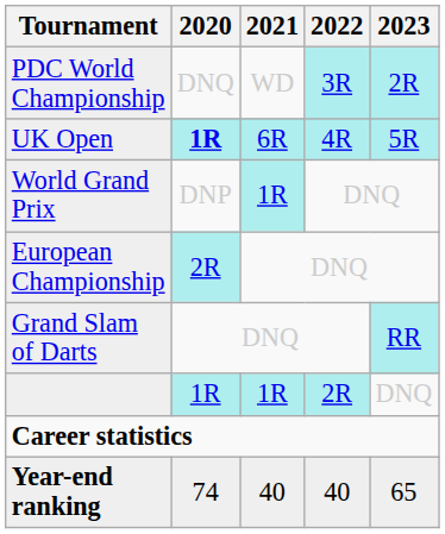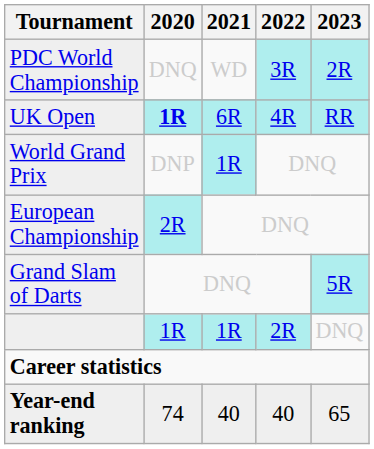 <table class="wikitable" style="width:20%; margin:0">
 <tr>
 <th>Tournament</th>
 <th>2020</th>
 <th>2021</th>
 <th>2022</th>
 <th>2023</th>
 </tr>
 <tr>
 <td style="background:#efefef;"><a href='#'>PDC World Championship</a></td>
 <td style="text-align:center; color:#ccc;">DNQ</td>
 <td style="text-align:center; color:#ccc;">WD</td>
 <td style="text-align:center; background:#afeeee;"><a href='#'>3R</a></td>
 <td style="text-align:center; background:#afeeee;"><a href='#'>2R</a></td>
 </tr>
 <tr>
 <td style="background:#efefef;"><a href='#'>UK Open</a></td>
 <td style="text-align:center; background:#afeeee;"><strong><a href='#'>1R</a></strong></td>
 <td style="text-align:center; background:#afeeee;"><a href='#'>6R</a></td>
 <td style="text-align:center; background:#afeeee;"><a href='#'>4R</a></td>
-<td style="text-align:center; background:#afeeee;"><a href='#'>5R</a></td>
+<td style="text-align:center; background:#afeeee;"><a href='#'>RR</a></td>
 </tr>
 <tr>
 <td style="background:#efefef;"><a href='#'>World Grand Prix</a></td>
 <td style="text-align:center; color:#ccc;">DNP</td>
 <td style="text-align:center; background:#afeeee;"><a href='#'>1R</a></td>
 <td colspan="2" style="text-align:center; color:#ccc;">DNQ</td>
 </tr>
 <tr>
 <td style="background:#efefef;"><a href='#'>European Championship</a></td>
 <td style="text-align:center; background:#afeeee;"><a href='#'>2R</a></td>
 <td colspan="3" style="text-align:center; color:#ccc;">DNQ</td>
 </tr>
 <tr>
 <td style="background:#efefef;"><a href='#'>Grand Slam of Darts</a></td>
 <td colspan="3" style="text-align:center; color:#ccc;">DNQ</td>
-<td style="text-align:center; background:#afeeee;"><a href='#'>RR</a></td>
+<td style="text-align:center; background:#afeeee;"><a href='#'>5R</a></td>
 </tr>
 <tr>
 <td style="background:#efefef;"></td>
 <td style="text-align:center; background:#afeeee;"><a href='#'>1R</a></td>
 <td style="text-align:center; background:#afeeee;"><a href='#'>1R</a></td>
 <td style="text-align:center; background:#afeeee;"><a href='#'>2R</a></td>
 <td style="text-align:center; color:#ccc;">DNQ</td>
 </tr>
 <tr>
 <td colspan="5" align="left"><strong>Career statistics</strong></td>
 </tr>
 <tr bgcolor="efefef">
 <td align="left"><strong>Year-end ranking</strong></td>
 <td style="text-align:center;">74</td>
 <td style="text-align:center;">40</td>
 <td style="text-align:center;">40</td>
 <td style="text-align:center;">65</td>
 </tr>
 </table>
